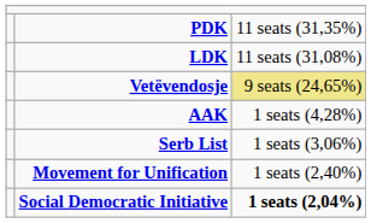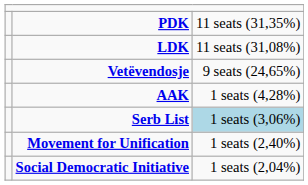 <table class="wikitable" style="float:right; margin:0 0 0.5em 1em; text-align:right; font-size:80%;">
 <tr>
 <td colspan="4" bgcolor=""></td>
 </tr>
 <tr>
 <td style="background:"></td>
 <td><strong><a href='#'>PDK</a></strong></td>
 <td>11 seats (31,35%)</td>
 </tr>
 <tr>
 <td style="background:"></td>
 <td><strong><a href='#'>LDK</a></strong></td>
 <td>11 seats (31,08%)</td>
 </tr>
 <tr>
 <td style="background:"></td>
 <td><strong><a href='#'>Vetëvendosje</a></strong></td>
-<td style="background: khaki;">9 seats (24,65%)</td>
+<td>9 seats (24,65%)</td>
 </tr>
 <tr>
 <td style="background:"></td>
 <td><strong><a href='#'>AAK</a></strong></td>
 <td>1 seats (4,28%)</td>
 </tr>
 <tr>
 <td style="background:"></td>
 <td><strong><a href='#'>Serb List</a></strong></td>
-<td>1 seats (3,06%)</td>
+<td style="background: lightblue;">1 seats (3,06%)</td>
 </tr>
 <tr>
 <td style="background:"></td>
 <td><strong><a href='#'>Movement for Unification</a></strong></td>
 <td>1 seats (2,40%)</td>
 </tr>
 <tr>
 <td style="background:"></td>
 <td><strong><a href='#'>Social Democratic Initiative</a></strong></td>
-<td><strong>1 seats (2,04%)</strong></td>
+<td>1 seats (2,04%)</td>
 </tr>
 </table>
